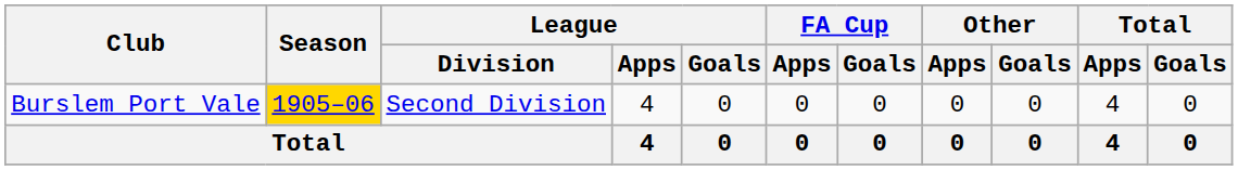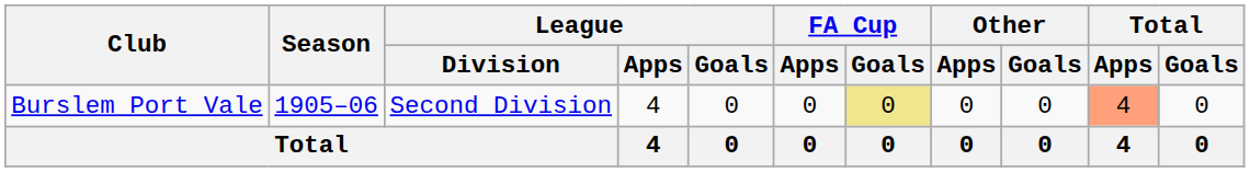 <table class="wikitable" style="text-align:center">
 <tr>
 <th rowspan="2">Club</th>
 <th rowspan="2">Season</th>
 <th colspan="3">League</th>
 <th colspan="2"><a href='#'>FA Cup</a></th>
 <th colspan="2">Other</th>
 <th colspan="2">Total</th>
 </tr>
 <tr>
 <th>Division</th>
 <th>Apps</th>
 <th>Goals</th>
 <th>Apps</th>
 <th>Goals</th>
 <th>Apps</th>
 <th>Goals</th>
 <th>Apps</th>
 <th>Goals</th>
 </tr>
 <tr>
 <td><a href='#'>Burslem Port Vale</a></td>
-<td style="background: gold;"><a href='#'>1905–06</a></td>
+<td><a href='#'>1905–06</a></td>
 <td><a href='#'>Second Division</a></td>
 <td>4</td>
 <td>0</td>
 <td>0</td>
+<td style="background: khaki;">0</td>
 <td>0</td>
 <td>0</td>
-<td>0</td>
-<td>4</td>
+<td style="background: lightsalmon;">4</td>
 <td>0</td>
 </tr>
 <tr>
 <th colspan="3">Total</th>
 <th>4</th>
 <th>0</th>
 <th>0</th>
 <th>0</th>
 <th>0</th>
 <th>0</th>
 <th>4</th>
 <th>0</th>
 </tr>
 </table>
